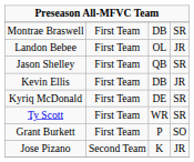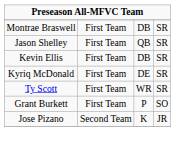 <table class="wikitable" style="display: inline-table;">
 <tr>
 <td align="center" Colspan="4"><strong>Preseason All-MFVC Team</strong></td>
 </tr>
 <tr align="center">
 </tr>
 <tr align="center">
 <td>Montrae Braswell</td>
 <td>First Team</td>
 <td>DB</td>
 <td>SR</td>
 </tr>
 <tr align="center">
-<td>Landon Bebee</td>
-<td>First Team</td>
-<td>OL</td>
-<td>JR</td>
-</tr>
-<tr align="center">
 <td>Jason Shelley</td>
 <td>First Team</td>
 <td>QB</td>
 <td>SR</td>
 </tr>
 <tr align="center">
 <td>Kevin Ellis</td>
 <td>First Team</td>
 <td>DB</td>
-<td>JR</td>
+<td>SR</td>
 </tr>
 <tr align="center">
 <td>Kyriq McDonald</td>
 <td>First Team</td>
 <td>DE</td>
 <td>SR</td>
 </tr>
 <tr align="center">
 <td><a href='#'>Ty Scott</a></td>
 <td>First Team</td>
 <td>WR</td>
 <td>SR</td>
 </tr>
 <tr align="center">
 <td>Grant Burkett</td>
 <td>First Team</td>
 <td>P</td>
 <td>SO</td>
 </tr>
 <tr align="center">
 <td>Jose Pizano</td>
 <td>Second Team</td>
 <td>K</td>
 <td>JR</td>
 </tr>
 <tr align="center">
 </tr>
 </table>
